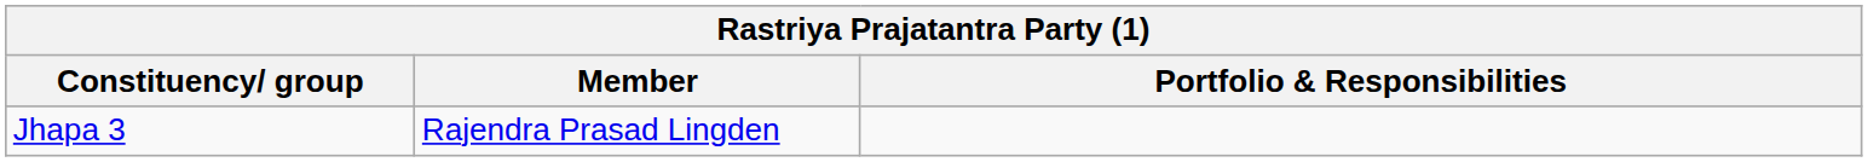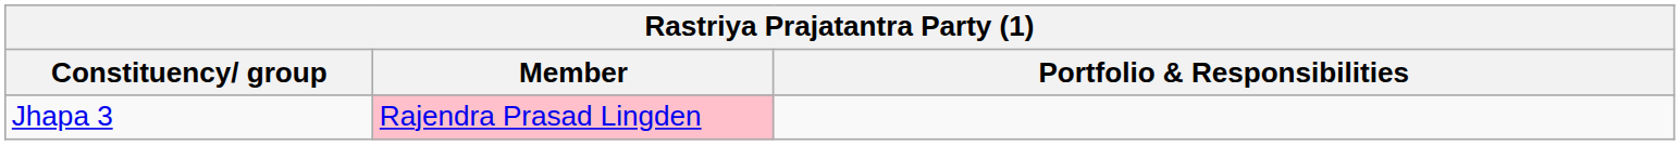 <table class="wikitable">
 <tr>
 <th colspan="3" style="width: 700pt; background:">Rastriya Prajatantra Party (1)</th>
 </tr>
 <tr>
 <th style="width:150pt;">Constituency/ group</th>
 <th>Member</th>
 <th style="width:375pt;">Portfolio & Responsibilities</th>
 </tr>
 <tr>
 <td><a href='#'>Jhapa 3</a></td>
-<td><a href='#'>Rajendra Prasad Lingden</a></td>
+<td style="background: pink;"><a href='#'>Rajendra Prasad Lingden</a></td>
 <td></td>
 </tr>
 </table>
